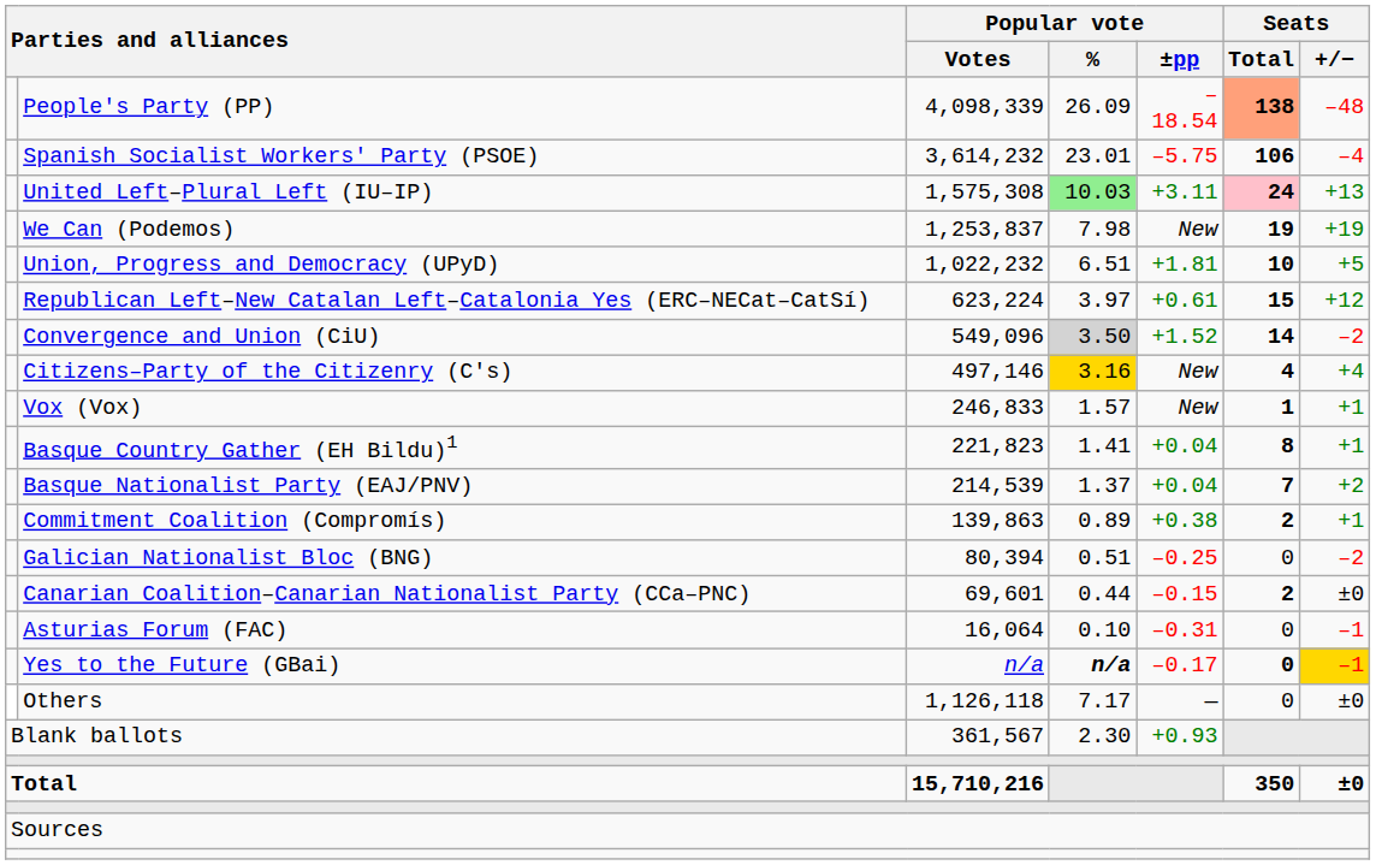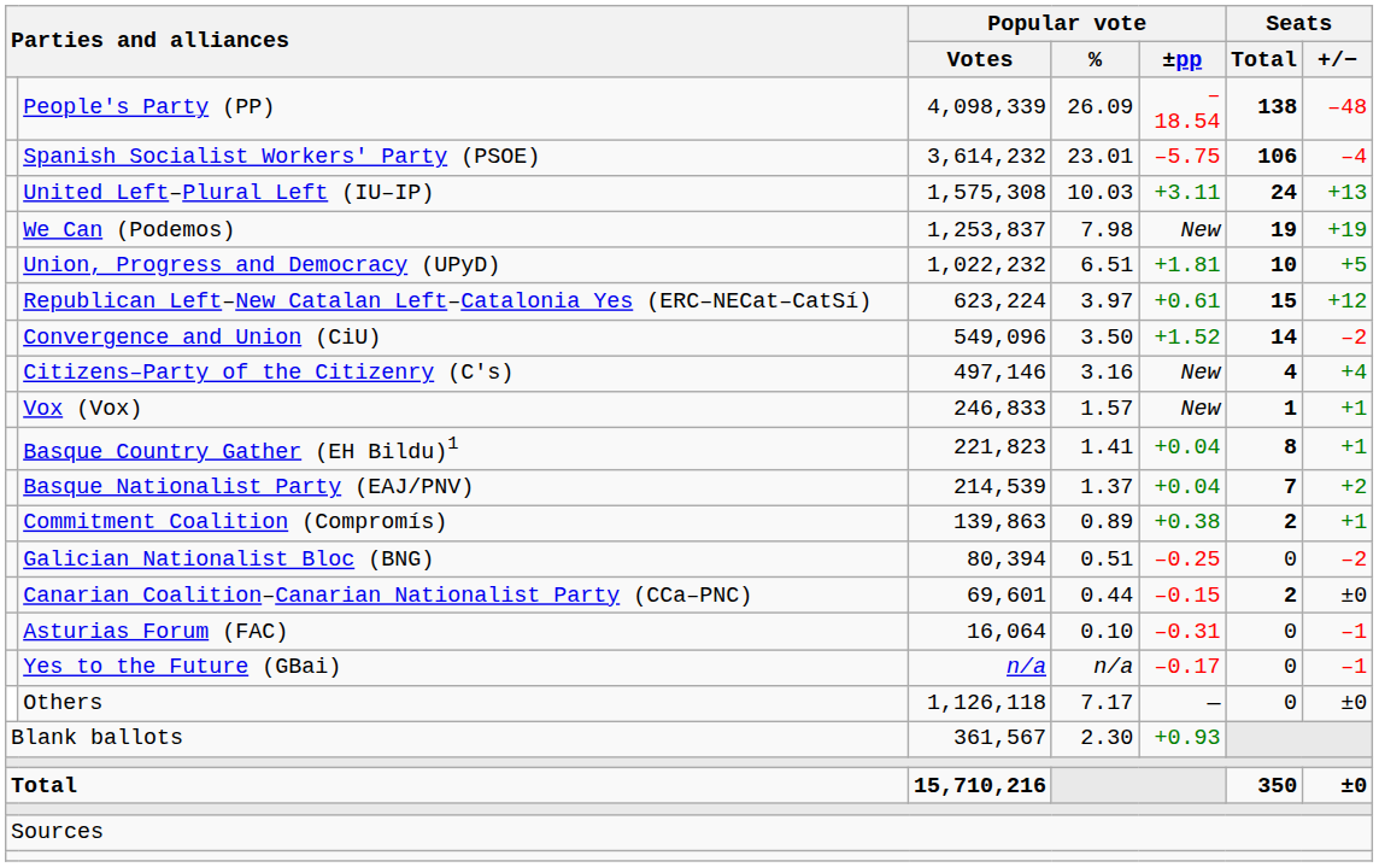 <table class="wikitable" style="text-align:right">
 <tr>
 <th style="text-align:left;" rowspan="2" colspan="2" width="525">Parties and alliances</th>
 <th colspan="3">Popular vote</th>
 <th colspan="2">Seats</th>
 </tr>
 <tr>
 <th width="75">Votes</th>
 <th width="45">%</th>
 <th width="45">±<a href='#'>pp</a></th>
 <th width="35">Total</th>
 <th width="35">+/−</th>
 </tr>
 <tr>
 <td width="1" style="color:inherit;background:"></td>
 <td align="left"><a href='#'>People's Party</a> (PP)</td>
 <td>4,098,339</td>
 <td>26.09</td>
 <td style="color:red;">–18.54</td>
-<td style="background: lightsalmon;"><strong>138</strong></td>
+<td><strong>138</strong></td>
 <td style="color:red;">–48</td>
 </tr>
 <tr>
 <td style="color:inherit;background:"></td>
 <td align="left"><a href='#'>Spanish Socialist Workers' Party</a> (PSOE)</td>
 <td>3,614,232</td>
 <td>23.01</td>
 <td style="color:red;">–5.75</td>
 <td><strong>106</strong></td>
 <td style="color:red;">–4</td>
 </tr>
 <tr>
 <td style="color:inherit;background:"></td>
 <td align="left"><a href='#'>United Left</a>–<a href='#'>Plural Left</a> (IU–IP)</td>
 <td>1,575,308</td>
-<td style="background: lightgreen;">10.03</td>
+<td>10.03</td>
 <td style="color:green;">+3.11</td>
-<td style="background: pink;"><strong>24</strong></td>
+<td><strong>24</strong></td>
 <td style="color:green;">+13</td>
 </tr>
 <tr>
 <td style="color:inherit;background:"></td>
 <td align="left"><a href='#'>We Can</a> (Podemos)</td>
 <td>1,253,837</td>
 <td>7.98</td>
 <td><em>New</em></td>
 <td><strong>19</strong></td>
 <td style="color:green;">+19</td>
 </tr>
 <tr>
 <td style="color:inherit;background:"></td>
 <td align="left"><a href='#'>Union, Progress and Democracy</a> (UPyD)</td>
 <td>1,022,232</td>
 <td>6.51</td>
 <td style="color:green;">+1.81</td>
 <td><strong>10</strong></td>
 <td style="color:green;">+5</td>
 </tr>
 <tr>
 <td style="color:inherit;background:"></td>
 <td align="left"><a href='#'>Republican Left</a>–<a href='#'>New Catalan Left</a>–<a href='#'>Catalonia Yes</a> (ERC–NECat–CatSí)</td>
 <td>623,224</td>
 <td>3.97</td>
 <td style="color:green;">+0.61</td>
 <td><strong>15</strong></td>
 <td style="color:green;">+12</td>
 </tr>
 <tr>
 <td style="color:inherit;background:"></td>
 <td align="left"><a href='#'>Convergence and Union</a> (CiU)</td>
 <td>549,096</td>
-<td style="background: lightgrey;">3.50</td>
+<td>3.50</td>
 <td style="color:green;">+1.52</td>
 <td><strong>14</strong></td>
 <td style="color:red;">–2</td>
 </tr>
 <tr>
 <td style="color:inherit;background:"></td>
 <td align="left"><a href='#'>Citizens–Party of the Citizenry</a> (C's)</td>
 <td>497,146</td>
-<td style="background: gold;">3.16</td>
+<td>3.16</td>
 <td><em>New</em></td>
 <td><strong>4</strong></td>
 <td style="color:green;">+4</td>
 </tr>
 <tr>
 <td style="color:inherit;background:"></td>
 <td align="left"><a href='#'>Vox</a> (Vox)</td>
 <td>246,833</td>
 <td>1.57</td>
 <td><em>New</em></td>
 <td><strong>1</strong></td>
 <td style="color:green;">+1</td>
 </tr>
 <tr>
 <td style="color:inherit;background:"></td>
 <td align="left"><a href='#'>Basque Country Gather</a> (EH Bildu)<sup>1</sup></td>
 <td>221,823</td>
 <td>1.41</td>
 <td style="color:green;">+0.04</td>
 <td><strong>8</strong></td>
 <td style="color:green;">+1</td>
 </tr>
 <tr>
 <td style="color:inherit;background:"></td>
 <td align="left"><a href='#'>Basque Nationalist Party</a> (EAJ/PNV)</td>
 <td>214,539</td>
 <td>1.37</td>
 <td style="color:green;">+0.04</td>
 <td><strong>7</strong></td>
 <td style="color:green;">+2</td>
 </tr>
 <tr>
 <td style="color:inherit;background:"></td>
 <td align="left"><a href='#'>Commitment Coalition</a> (Compromís)</td>
 <td>139,863</td>
 <td>0.89</td>
 <td style="color:green;">+0.38</td>
 <td><strong>2</strong></td>
 <td style="color:green;">+1</td>
 </tr>
 <tr>
 <td style="color:inherit;background:"></td>
 <td align="left"><a href='#'>Galician Nationalist Bloc</a> (BNG)</td>
 <td>80,394</td>
 <td>0.51</td>
 <td style="color:red;">–0.25</td>
 <td>0</td>
 <td style="color:red;">–2</td>
 </tr>
 <tr>
 <td style="color:inherit;background:"></td>
 <td align="left"><a href='#'>Canarian Coalition</a>–<a href='#'>Canarian Nationalist Party</a> (CCa–PNC)</td>
 <td>69,601</td>
 <td>0.44</td>
 <td style="color:red;">–0.15</td>
 <td><strong>2</strong></td>
 <td>±0</td>
 </tr>
 <tr>
 <td style="color:inherit;background:"></td>
 <td align="left"><a href='#'>Asturias Forum</a> (FAC)</td>
 <td>16,064</td>
 <td>0.10</td>
 <td style="color:red;">–0.31</td>
 <td>0</td>
 <td style="color:red;">–1</td>
 </tr>
 <tr>
 <td style="color:inherit;background:"></td>
 <td align="left"><a href='#'>Yes to the Future</a> (GBai)</td>
 <td><em><a href='#'>n/a</a></em></td>
-<td><strong><em>n/a</em></strong></td>
+<td><em>n/a</em></td>
 <td style="color:red;">–0.17</td>
-<td><strong>0</strong></td>
-<td style="background: gold; color:red;">–1</td>
+<td>0</td>
+<td style="color:red;">–1</td>
 </tr>
 <tr>
 <td bgcolor="white"></td>
 <td align="left">Others</td>
 <td>1,126,118</td>
 <td>7.17</td>
 <td>—</td>
 <td>0</td>
 <td>±0</td>
 </tr>
 <tr>
 <td align="left" colspan="2">Blank ballots</td>
 <td>361,567</td>
 <td>2.30</td>
 <td style="color:green;">+0.93</td>
 <td bgcolor="#E9E9E9" colspan="2"></td>
 </tr>
 <tr>
 <td colspan="7" bgcolor="#E9E9E9"></td>
 </tr>
 <tr style="font-weight:bold;">
 <td align="left" colspan="2">Total</td>
 <td>15,710,216</td>
 <td bgcolor="#E9E9E9" colspan="2"></td>
 <td>350</td>
 <td>±0</td>
 </tr>
 <tr>
 <td colspan="7" bgcolor="#E9E9E9"></td>
 </tr>
 <tr>
 <td align="left" colspan="7">Sources</td>
 </tr>
 <tr>
 <td colspan="7" style="text-align:left; max-width:790px;"></td>
 </tr>
 </table>
